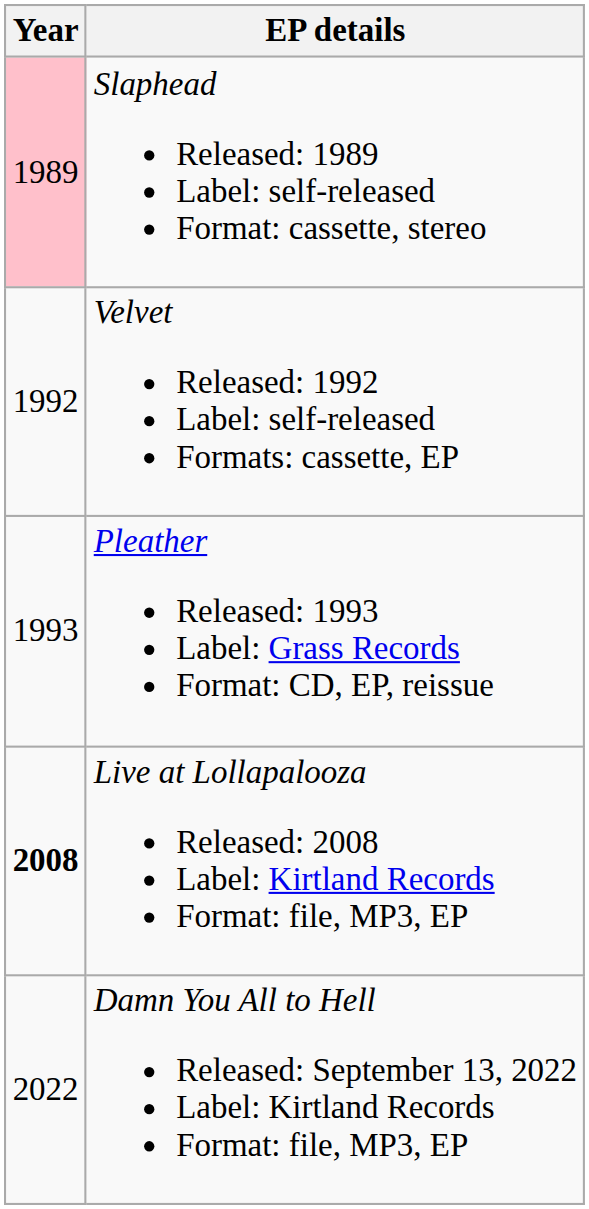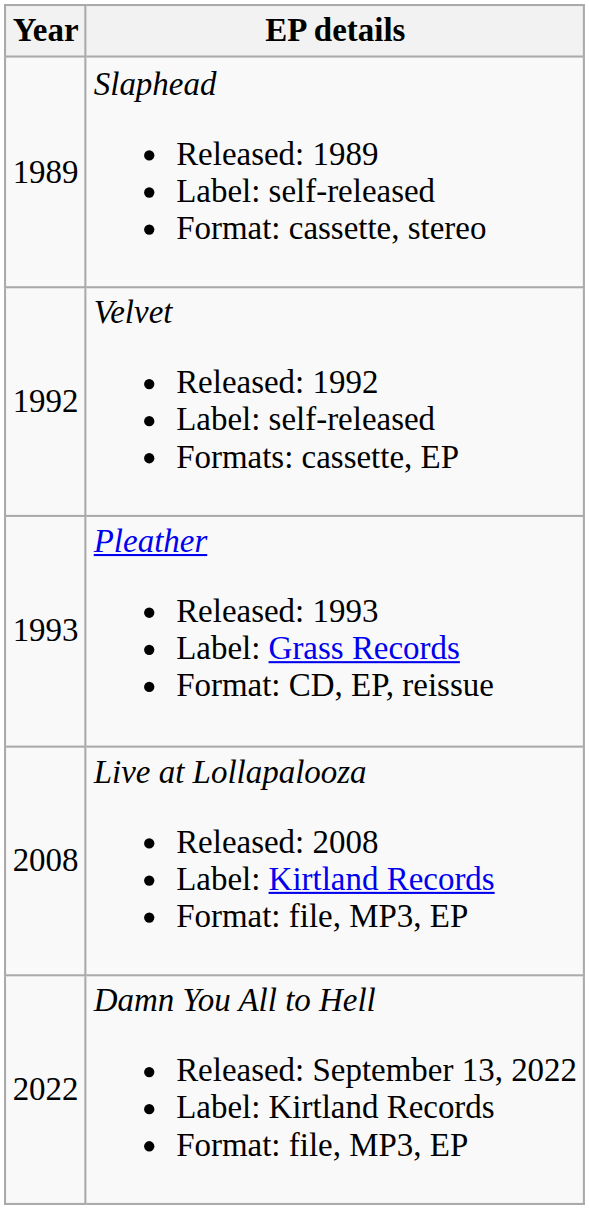 <table class="wikitable">
 <tr>
 <th rowspan="1">Year</th>
 <th rowspan="1">EP details</th>
 </tr>
 <tr>
-<td style="background: pink;">1989</td>
+<td>1989</td>
 <td><em>Slaphead</em><br><ul><li>Released: 1989</li><li>Label: self-released</li><li>Format: cassette, stereo</li></ul></td>
 </tr>
 <tr>
 <td>1992</td>
 <td><em>Velvet</em><br><ul><li>Released: 1992</li><li>Label: self-released</li><li>Formats: cassette, EP</li></ul></td>
 </tr>
 <tr>
 <td>1993</td>
 <td><em><a href='#'>Pleather</a></em><br><ul><li>Released: 1993</li><li>Label: <a href='#'>Grass Records</a></li><li>Format: CD, EP, reissue</li></ul></td>
 </tr>
 <tr>
-<td><strong>2008</strong></td>
+<td>2008</td>
 <td><em>Live at Lollapalooza</em><br><ul><li>Released: 2008</li><li>Label: <a href='#'>Kirtland Records</a></li><li>Format: file, MP3, EP</li></ul></td>
 </tr>
 <tr>
 <td>2022</td>
 <td><em>Damn You All to Hell</em><br><ul><li>Released: September 13, 2022</li><li>Label: Kirtland Records</li><li>Format: file, MP3, EP</li></ul></td>
 </tr>
 </table>
